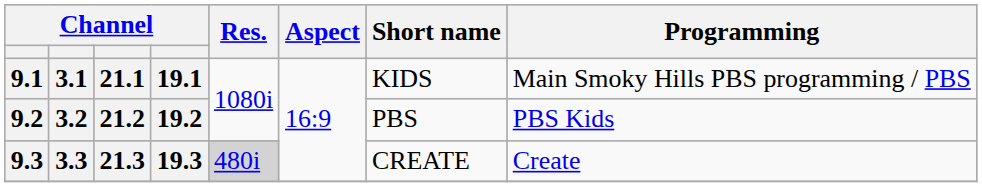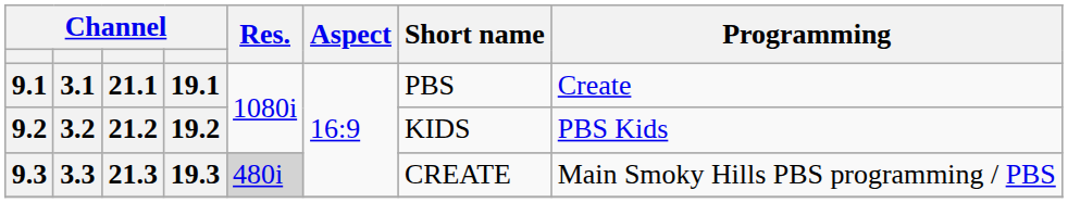 <table class="wikitable">
 <tr>
 <th scope = "col" colspan="4"><a href='#'>Channel</a></th>
 <th scope = "col" rowspan="2"><a href='#'>Res.</a></th>
 <th scope = "col" rowspan="2"><a href='#'>Aspect</a></th>
 <th scope = "col" rowspan="2">Short name</th>
 <th scope = "col" rowspan="2">Programming</th>
 </tr>
 <tr>
 <th scope = "col"></th>
 <th></th>
 <th></th>
 <th></th>
 </tr>
 <tr>
 <th scope = "row">9.1</th>
 <th>3.1</th>
 <th>21.1</th>
 <th>19.1</th>
 <td rowspan="2"><a href='#'>1080i</a></td>
 <td rowspan="3"><a href='#'>16:9</a></td>
-<td>KIDS</td>
-<td>Main Smoky Hills PBS programming / <a href='#'>PBS</a></td>
+<td>PBS</td>
+<td><a href='#'>Create</a></td>
 </tr>
 <tr>
 <th scope = "row">9.2</th>
 <th>3.2</th>
 <th>21.2</th>
 <th>19.2</th>
-<td>PBS</td>
+<td>KIDS</td>
 <td><a href='#'>PBS Kids</a></td>
 </tr>
 <tr>
 <th scope = "row">9.3</th>
 <th>3.3</th>
 <th>21.3</th>
 <th>19.3</th>
 <td style="background: lightgrey;"><a href='#'>480i</a></td>
 <td>CREATE</td>
-<td><a href='#'>Create</a></td>
+<td>Main Smoky Hills PBS programming / <a href='#'>PBS</a></td>
 </tr>
 <tr>
 </tr>
 </table>
